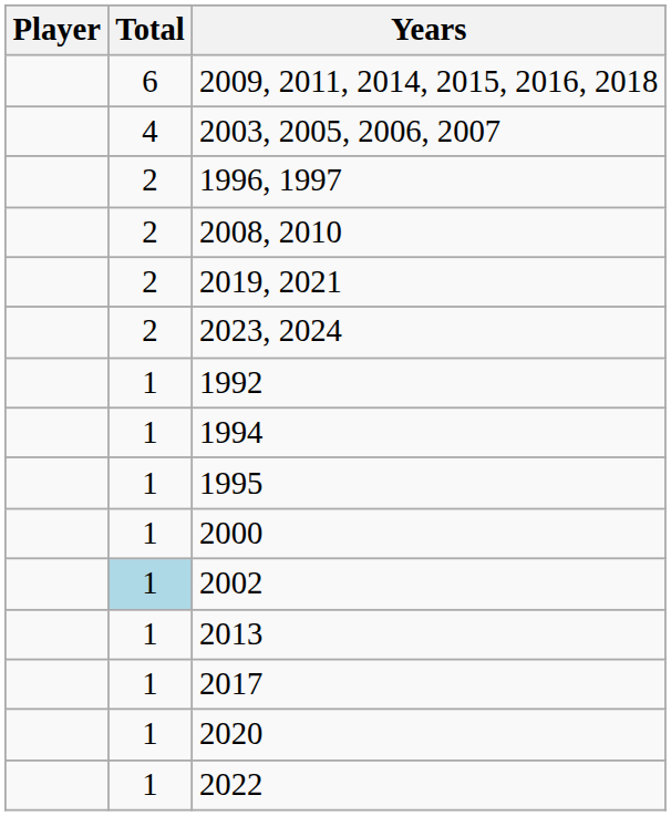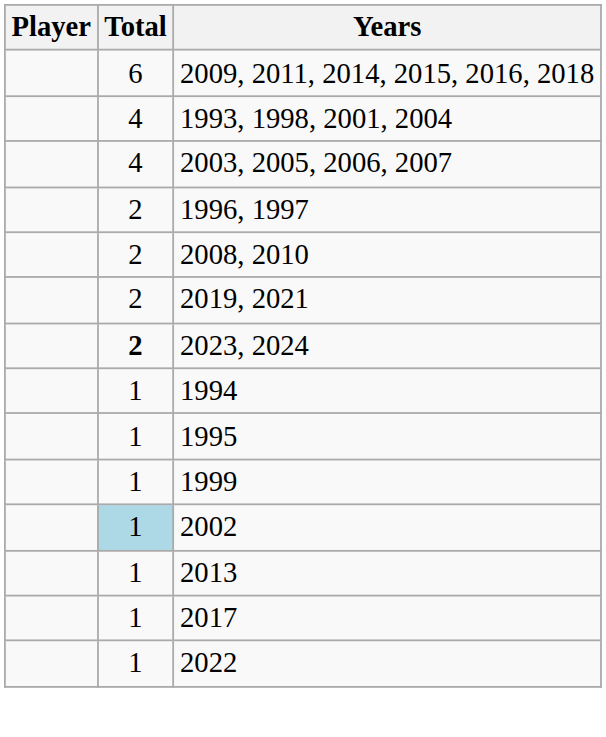 <table class="sortable wikitable">
 <tr>
 <th>Player</th>
 <th>Total</th>
 <th class="unsortable">Years</th>
 </tr>
 <tr>
 <td></td>
 <td align=center>6</td>
 <td>2009, 2011, 2014, 2015, 2016, 2018</td>
+</tr>
+<tr>
+<td></td>
+<td align=center>4</td>
+<td>1993, 1998, 2001, 2004</td>
 </tr>
 <tr>
 <td></td>
 <td align=center>4</td>
 <td>2003, 2005, 2006, 2007</td>
 </tr>
 <tr>
 <td></td>
 <td align=center>2</td>
 <td>1996, 1997</td>
 </tr>
 <tr>
 <td></td>
 <td align=center>2</td>
 <td>2008, 2010</td>
 </tr>
 <tr>
 <td></td>
 <td align="center">2</td>
 <td>2019, 2021</td>
 </tr>
 <tr>
 <td></td>
-<td align=center>2</td>
+<td align=center><strong>2</strong></td>
 <td>2023, 2024</td>
-</tr>
-<tr>
-<td></td>
-<td align=center>1</td>
-<td>1992</td>
 </tr>
 <tr>
 <td></td>
 <td align=center>1</td>
 <td>1994</td>
 </tr>
 <tr>
 <td></td>
 <td align=center>1</td>
 <td>1995</td>
 </tr>
 <tr>
 <td></td>
 <td align=center>1</td>
-<td>2000</td>
+<td>1999</td>
 </tr>
 <tr>
 <td></td>
 <td align=center style="background: lightblue;">1</td>
 <td>2002</td>
 </tr>
 <tr>
 <td></td>
 <td align=center>1</td>
 <td>2013</td>
 </tr>
 <tr>
 <td></td>
 <td align=center>1</td>
 <td>2017</td>
 </tr>
 <tr>
 <td></td>
 <td align=center>1</td>
-<td>2020</td>
-</tr>
-<tr>
-<td></td>
-<td align=center>1</td>
 <td>2022</td>
 </tr>
 </table>
